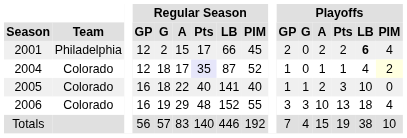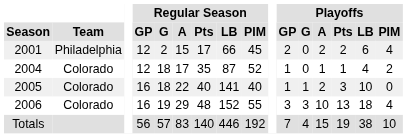 <table BORDER="0" CELLPADDING="3" CELLSPACING="0">
 <tr ALIGN="center" bgcolor="#e0e0e0">
 <th colspan="2" bgcolor="#ffffff"> </th>
 <th rowspan="99" bgcolor="#ffffff"> </th>
 <th colspan="6">Regular Season</th>
 <th rowspan="99" bgcolor="#ffffff"> </th>
 <th colspan="6">Playoffs</th>
 </tr>
 <tr ALIGN="center" bgcolor="#e0e0e0">
 <th>Season</th>
 <th>Team</th>
 <th>GP</th>
 <th>G</th>
 <th>A</th>
 <th>Pts</th>
 <th>LB</th>
 <th>PIM</th>
 <th>GP</th>
 <th>G</th>
 <th>A</th>
 <th>Pts</th>
 <th>LB</th>
 <th>PIM</th>
 </tr>
 <tr ALIGN="center" bgcolor="#f0f0f0">
 <td>2001</td>
 <td>Philadelphia</td>
 <td>12</td>
 <td>2</td>
 <td>15</td>
 <td>17</td>
 <td>66</td>
 <td>45</td>
 <td>2</td>
 <td>0</td>
 <td>2</td>
 <td>2</td>
-<td><strong>6</strong></td>
+<td>6</td>
 <td>4</td>
 </tr>
 <tr ALIGN="center">
 <td>2004</td>
 <td>Colorado</td>
 <td>12</td>
 <td>18</td>
 <td>17</td>
-<td style="background: lavender;">35</td>
+<td>35</td>
 <td>87</td>
 <td>52</td>
 <td>1</td>
 <td>0</td>
 <td>1</td>
 <td>1</td>
 <td>4</td>
-<td style="background: lightyellow;">2</td>
+<td>2</td>
 </tr>
 <tr ALIGN="center" bgcolor="#f0f0f0">
 <td>2005</td>
 <td>Colorado</td>
 <td>16</td>
 <td>18</td>
 <td>22</td>
 <td>40</td>
 <td>141</td>
 <td>40</td>
 <td>1</td>
 <td>1</td>
 <td>2</td>
 <td>3</td>
 <td>10</td>
 <td>0</td>
 </tr>
 <tr ALIGN="center">
 <td>2006</td>
 <td>Colorado</td>
 <td>16</td>
 <td>19</td>
 <td>29</td>
 <td>48</td>
 <td>152</td>
 <td>55</td>
 <td>3</td>
 <td>3</td>
 <td>10</td>
 <td>13</td>
 <td>18</td>
 <td>4</td>
 </tr>
 <tr ALIGN="center" bgcolor="#e0e0e0">
 <td>Totals</td>
 <td> </td>
 <td>56</td>
 <td>57</td>
 <td>83</td>
 <td>140</td>
 <td>446</td>
 <td>192</td>
 <td>7</td>
 <td>4</td>
 <td>15</td>
 <td>19</td>
 <td>38</td>
 <td>10</td>
 </tr>
 </table>
